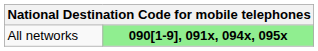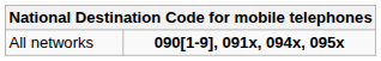 <table class="wikitable">
 <tr>
 <th colspan="4">National Destination Code for mobile telephones</th>
 </tr>
 <tr>
 <td>All networks</td>
-<td align="center" style="background: lightgreen;"><strong>090[1-9], 091x, 094x, 095x</strong></td>
+<td align="center"><strong>090[1-9], 091x, 094x, 095x</strong></td>
 </tr>
 </table>
